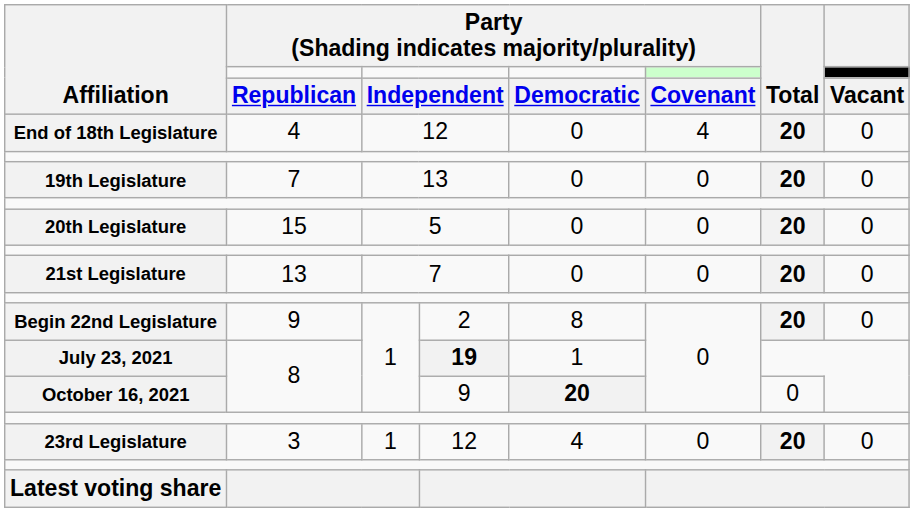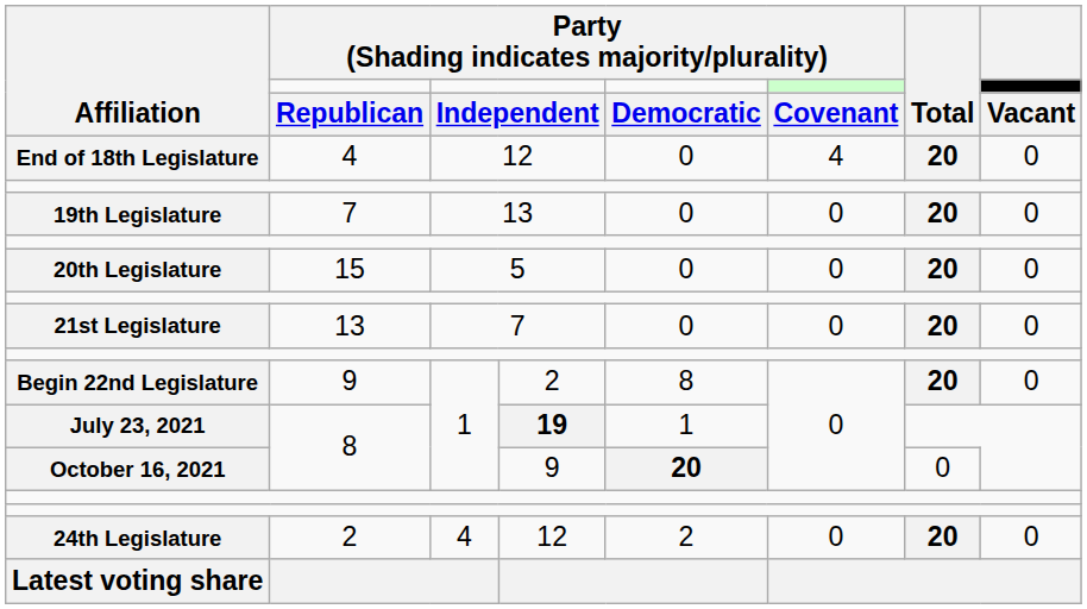 <table class=wikitable style="text-align:center">
 <tr style="vertical-align:bottom;">
 <th rowspan=3>Affiliation</th>
 <th colspan=5>Party <div>(Shading indicates majority/plurality)</div></th>
 <th rowspan=3>Total</th>
 <th></th>
 </tr>
 <tr style="height:5px">
 <td style="background-color:"></td>
 <td colspan=2 style="background-color:"></td>
 <td style="background-color:"></td>
 <td style="background-color:#CCFFCC"></td>
 <td style="background: black"></td>
 </tr>
 <tr>
 <th><a href='#'>Republican</a></th>
 <th colspan=2><a href='#'>Independent</a></th>
 <th><a href='#'>Democratic</a></th>
 <th><a href='#'>Covenant</a></th>
 <th>Vacant</th>
 </tr>
 <tr>
 <th nowrap style="font-size:80%">End of 18th Legislature</th>
 <td>4</td>
 <td colspan=2 >12</td>
 <td>0</td>
 <td>4</td>
 <th>20</th>
 <td>0</td>
 </tr>
 <tr>
 <td colspan=8></td>
 </tr>
 <tr>
 <th nowrap style="font-size:80%">19th Legislature</th>
 <td>7</td>
 <td colspan=2 >13</td>
 <td>0</td>
 <td>0</td>
 <th>20</th>
 <td>0</td>
 </tr>
 <tr>
 <td colspan=8></td>
 </tr>
 <tr>
 <th nowrap style="font-size:80%">20th Legislature</th>
 <td>15</td>
 <td colspan=2>5</td>
 <td>0</td>
 <td>0</td>
 <th>20</th>
 <td>0</td>
 </tr>
 <tr>
 <td colspan=8></td>
 </tr>
 <tr>
 <th nowrap style="font-size:80%">21st Legislature</th>
 <td>13</td>
 <td colspan=2>7</td>
 <td>0</td>
 <td>0</td>
 <th>20</th>
 <td>0</td>
 </tr>
 <tr>
 <td colspan=8></td>
 </tr>
 <tr>
 <th nowrap style="font-size:80%">Begin 22nd Legislature</th>
 <td>9</td>
 <td rowspan=3>1</td>
 <td>2</td>
 <td>8</td>
 <td rowspan=3>0</td>
 <th>20</th>
 <td>0</td>
 </tr>
 <tr>
 <th nowrap style="font-size:80%">July 23, 2021</th>
 <td rowspan=2>8</td>
 <th>19</th>
 <td>1</td>
 </tr>
 <tr>
 <th nowrap style="font-size:80%">October 16, 2021</th>
 <td>9</td>
 <th>20</th>
 <td>0</td>
 </tr>
 <tr>
 <td colspan=8></td>
 </tr>
 <tr>
-<th nowrap style="font-size:80%">23rd Legislature</th>
-<td>3</td>
-<td>1</td>
+<td colspan=8></td>
+</tr>
+<tr>
+<th nowrap style="font-size:80%">24th Legislature</th>
+<td>2</td>
+<td>4</td>
 <td>12</td>
-<td>4</td>
+<td>2</td>
 <td>0</td>
 <th>20</th>
 <td>0</td>
-</tr>
-<tr>
-<td colspan=8></td>
 </tr>
 <tr>
 <th>Latest voting share</th>
 <th colspan=2></th>
 <th colspan=2 ></th>
 <th colspan=3></th>
 </tr>
 </table>
